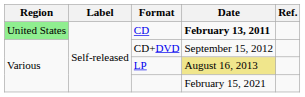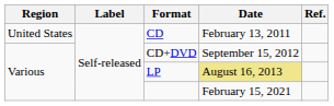 <table class="wikitable">
 <tr>
 <th>Region</th>
 <th>Label</th>
 <th>Format</th>
 <th>Date</th>
 <th>Ref.</th>
 </tr>
 <tr>
-<td style="background: lightgreen;">United States</td>
+<td>United States</td>
 <td rowspan="4">Self-released</td>
 <td><a href='#'>CD</a></td>
-<td><strong>February 13, 2011</strong></td>
+<td>February 13, 2011</td>
 <td></td>
 </tr>
 <tr>
 <td rowspan="3">Various</td>
 <td>CD+<a href='#'>DVD</a></td>
 <td>September 15, 2012</td>
 <td></td>
 </tr>
 <tr>
 <td><a href='#'>LP</a></td>
 <td style="background: khaki;">August 16, 2013</td>
 <td></td>
 </tr>
 <tr>
 <td></td>
 <td>February 15, 2021</td>
 <td></td>
 </tr>
 </table>
